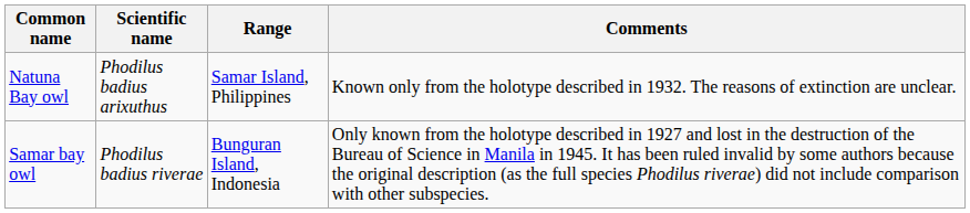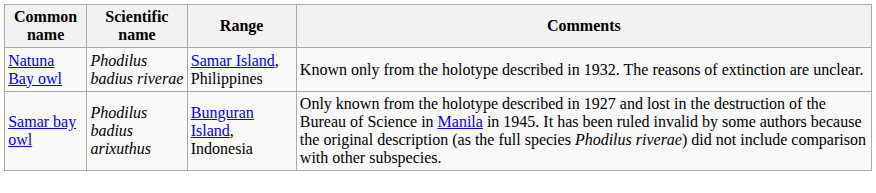 <table class="wikitable">
 <tr>
 <th>Common name</th>
 <th>Scientific name</th>
 <th>Range</th>
 <th class="unsortable">Comments</th>
 </tr>
 <tr>
 <td><a href='#'>Natuna Bay owl</a></td>
-<td><em>Phodilus badius arixuthus</em></td>
+<td><em>Phodilus badius riverae</em></td>
 <td><a href='#'>Samar Island</a>, Philippines</td>
 <td>Known only from the holotype described in 1932. The reasons of extinction are unclear.</td>
 </tr>
 <tr>
 <td><a href='#'>Samar bay owl</a></td>
-<td><em>Phodilus badius riverae</em></td>
+<td><em>Phodilus badius arixuthus</em></td>
 <td><a href='#'>Bunguran Island</a>, Indonesia</td>
 <td>Only known from the holotype described in 1927 and lost in the destruction of the Bureau of Science in <a href='#'>Manila</a> in 1945. It has been ruled invalid by some authors because the original description (as the full species <em>Phodilus riverae</em>) did not include comparison with other subspecies.</td>
 </tr>
 </table>
